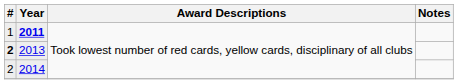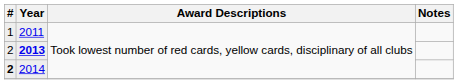 <table class="wikitable">
 <tr>
 <th>#</th>
 <th>Year</th>
 <th>Award Descriptions</th>
 <th>Notes</th>
 </tr>
 <tr>
 <td style="background:#eeeeee">1</td>
-<td style="background:#eeeeee"><strong><a href='#'>2011</a></strong></td>
+<td style="background:#eeeeee"><a href='#'>2011</a></td>
 <td rowspan="3">Took lowest number of red cards, yellow cards, disciplinary of all clubs</td>
 <td></td>
 </tr>
 <tr>
-<td style="background:#eeeeee"><strong>2</strong></td>
-<td style="background:#eeeeee"><a href='#'>2013</a></td>
+<td style="background:#eeeeee">2</td>
+<td style="background:#eeeeee"><strong><a href='#'>2013</a></strong></td>
 <td></td>
 </tr>
 <tr>
-<td style="background:#eeeeee">2</td>
+<td style="background:#eeeeee"><strong>2</strong></td>
 <td style="background:#eeeeee"><a href='#'>2014</a></td>
 <td></td>
 </tr>
 <tr>
 </tr>
 </table>
